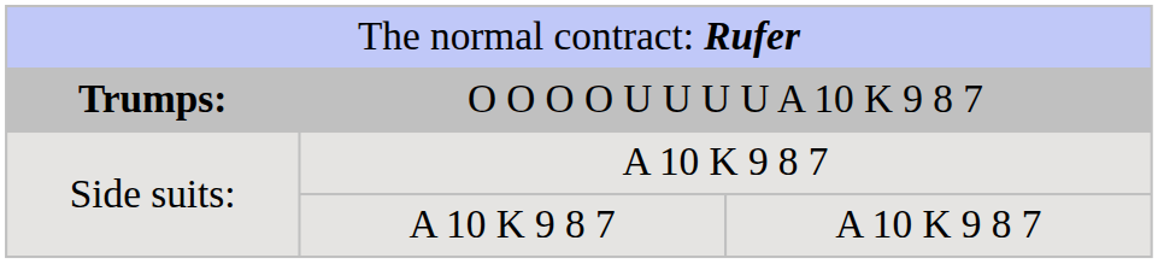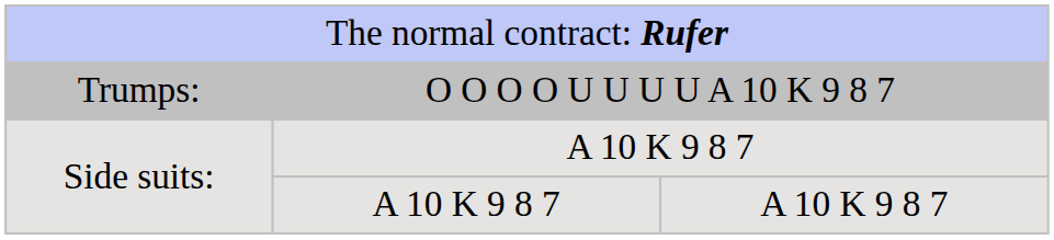 <table cellpadding="3" style="float: right; background: #C0C0C0; margin-left: 1em; border-spacing: 1px;">
 <tr align="center">
 <td style="background: #c0c8f8;" colspan="3" width ="450">The normal contract: <strong><em>Rufer</em></strong></td>
 </tr>
 <tr align="center">
-<td><strong>Trumps:</strong></td>
+<td>Trumps:</td>
 <td colspan="2">O O O O U U U U A 10 K 9 8 7</td>
 </tr>
 <tr align="center">
 <td rowspan = "2" style="background: #e5e4e2;">Side suits:</td>
 <td colspan = "2" style="background: #e5e4e2;">A 10 K 9 8 7</td>
 </tr>
 <tr align="center">
 <td style="background: #e5e4e2;">A 10 K 9 8 7</td>
 <td style="background: #e5e4e2;">A 10 K 9 8 7</td>
 </tr>
 </table>
